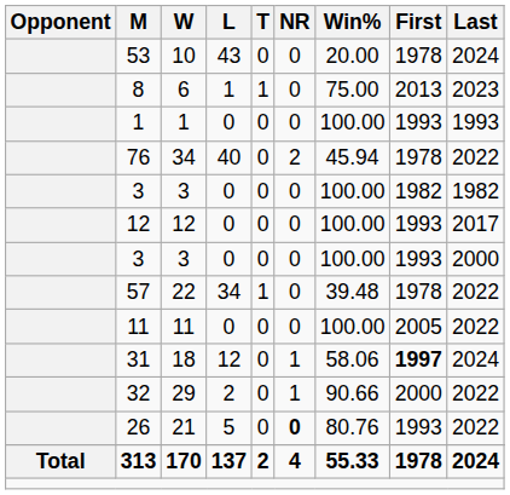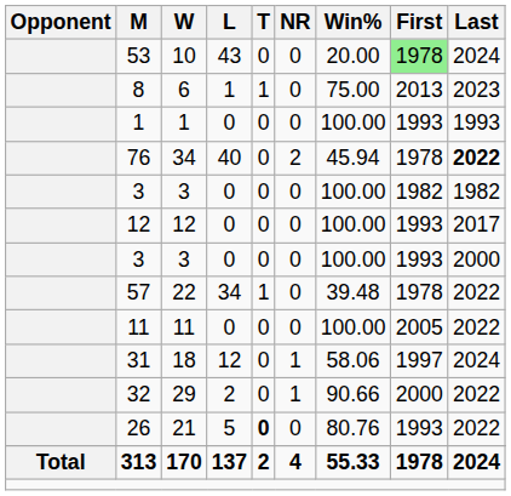 <table class="wikitable plainrowheaders sortable" style="text-align:center">
 <tr>
 <th scope="col">Opponent</th>
 <th scope="col">M</th>
 <th scope="col">W</th>
 <th scope="col">L</th>
 <th scope="col">T</th>
 <th scope="col">NR</th>
 <th scope="col">Win%</th>
 <th scope="col">First</th>
 <th scope="col">Last</th>
 </tr>
 <tr>
 <th scope="row"></th>
 <td>53</td>
 <td>10</td>
 <td>43</td>
 <td>0</td>
 <td>0</td>
 <td>20.00</td>
-<td>1978</td>
+<td style="background: lightgreen;">1978</td>
 <td>2024</td>
 </tr>
 <tr>
 <th scope="row"></th>
 <td>8</td>
 <td>6</td>
 <td>1</td>
 <td>1</td>
 <td>0</td>
 <td>75.00</td>
 <td>2013</td>
 <td>2023</td>
 </tr>
 <tr>
 <th scope="row"></th>
 <td>1</td>
 <td>1</td>
 <td>0</td>
 <td>0</td>
 <td>0</td>
 <td>100.00</td>
 <td>1993</td>
 <td>1993</td>
 </tr>
 <tr>
 <th scope="row"></th>
 <td>76</td>
 <td>34</td>
 <td>40</td>
 <td>0</td>
 <td>2</td>
 <td>45.94</td>
 <td>1978</td>
-<td>2022</td>
+<td><strong>2022</strong></td>
 </tr>
 <tr>
 <th scope="row"></th>
 <td>3</td>
 <td>3</td>
 <td>0</td>
 <td>0</td>
 <td>0</td>
 <td>100.00</td>
 <td>1982</td>
 <td>1982</td>
 </tr>
 <tr>
 <th scope="row"></th>
 <td>12</td>
 <td>12</td>
 <td>0</td>
 <td>0</td>
 <td>0</td>
 <td>100.00</td>
 <td>1993</td>
 <td>2017</td>
 </tr>
 <tr>
 <th scope="row"></th>
 <td>3</td>
 <td>3</td>
 <td>0</td>
 <td>0</td>
 <td>0</td>
 <td>100.00</td>
 <td>1993</td>
 <td>2000</td>
 </tr>
 <tr>
 <th scope="row"></th>
 <td>57</td>
 <td>22</td>
 <td>34</td>
 <td>1</td>
 <td>0</td>
 <td>39.48</td>
 <td>1978</td>
 <td>2022</td>
 </tr>
 <tr>
 <th scope="row"></th>
 <td>11</td>
 <td>11</td>
 <td>0</td>
 <td>0</td>
 <td>0</td>
 <td>100.00</td>
 <td>2005</td>
 <td>2022</td>
 </tr>
 <tr>
 <th scope="row"></th>
 <td>31</td>
 <td>18</td>
 <td>12</td>
 <td>0</td>
 <td>1</td>
 <td>58.06</td>
-<td><strong>1997</strong></td>
+<td>1997</td>
 <td>2024</td>
 </tr>
 <tr>
 <th scope="row"></th>
 <td>32</td>
 <td>29</td>
 <td>2</td>
 <td>0</td>
 <td>1</td>
 <td>90.66</td>
 <td>2000</td>
 <td>2022</td>
 </tr>
 <tr>
 <th scope="row"></th>
 <td>26</td>
 <td>21</td>
 <td>5</td>
+<td><strong>0</strong></td>
 <td>0</td>
-<td><strong>0</strong></td>
 <td>80.76</td>
 <td>1993</td>
 <td>2022</td>
 </tr>
 <tr>
 </tr>
 <tr class="sortbottom">
 <th scope="row" style="text-align:center"><strong>Total</strong></th>
 <td><strong>313</strong></td>
 <td><strong>170</strong></td>
 <td><strong>137</strong></td>
 <td><strong>2</strong></td>
 <td><strong>4</strong></td>
 <td><strong>55.33</strong></td>
 <td><strong>1978</strong></td>
 <td><strong>2024</strong></td>
 </tr>
 <tr>
 <td colspan=10></td>
 </tr>
 </table>
